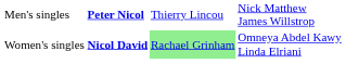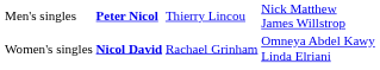 <table>
 <tr>
 <td>Men's singles<br></td>
 <td> <strong><a href='#'>Peter Nicol</a></strong></td>
 <td> <a href='#'>Thierry Lincou</a></td>
 <td> <a href='#'>Nick Matthew</a><br> <a href='#'>James Willstrop</a></td>
 </tr>
 <tr>
 <td>Women's singles<br></td>
 <td> <strong><a href='#'>Nicol David</a></strong></td>
-<td style="background: lightgreen;"> <a href='#'>Rachael Grinham</a></td>
+<td> <a href='#'>Rachael Grinham</a></td>
 <td> <a href='#'>Omneya Abdel Kawy</a><br> <a href='#'>Linda Elriani</a></td>
 </tr>
 </table>
